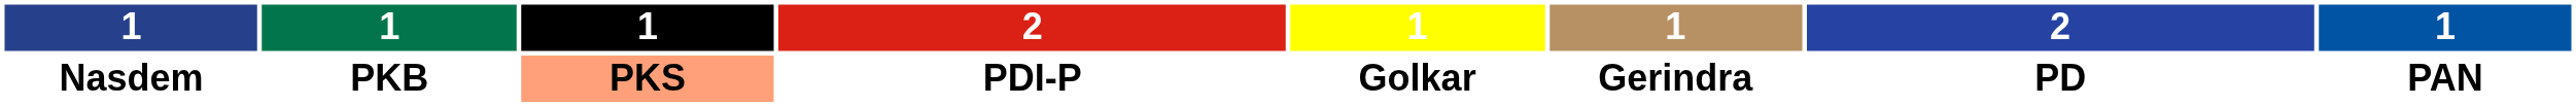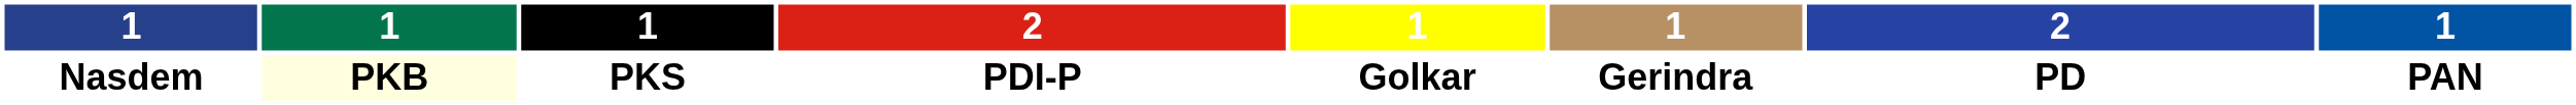 <table style="width:88%; text-align:center;">
 <tr style="color:white;">
 <td style="background:#27408B; width:10%;"><strong>1</strong></td>
 <td style="background:#02754C; width:10%;"><strong>1</strong></td>
 <td style="background:#000000; width:10%;"><strong>1</strong></td>
 <td style="background:#DB2016; width:20%;"><strong>2</strong></td>
 <td style="background:#FFFF00; width:10%;"><strong>1</strong></td>
 <td style="background:#B79164; width:10%;"><strong>1</strong></td>
 <td style="background:#2643A3; width:20%;"><strong>2</strong></td>
 <td style="background:#0054A3; width:10%;"><strong>1</strong></td>
 </tr>
 <tr>
 <td><span><strong>Nasdem</strong></span></td>
-<td><span><strong>PKB</strong></span></td>
-<td style="background: lightsalmon;"><span><strong>PKS</strong></span></td>
+<td style="background: lightyellow;"><span><strong>PKB</strong></span></td>
+<td><span><strong>PKS</strong></span></td>
 <td><span><strong>PDI-P</strong></span></td>
 <td><span><strong>Golkar</strong></span></td>
 <td><span><strong>Gerindra</strong></span></td>
 <td><span><strong>PD</strong></span></td>
 <td><span><strong>PAN</strong></span></td>
 </tr>
 </table>
